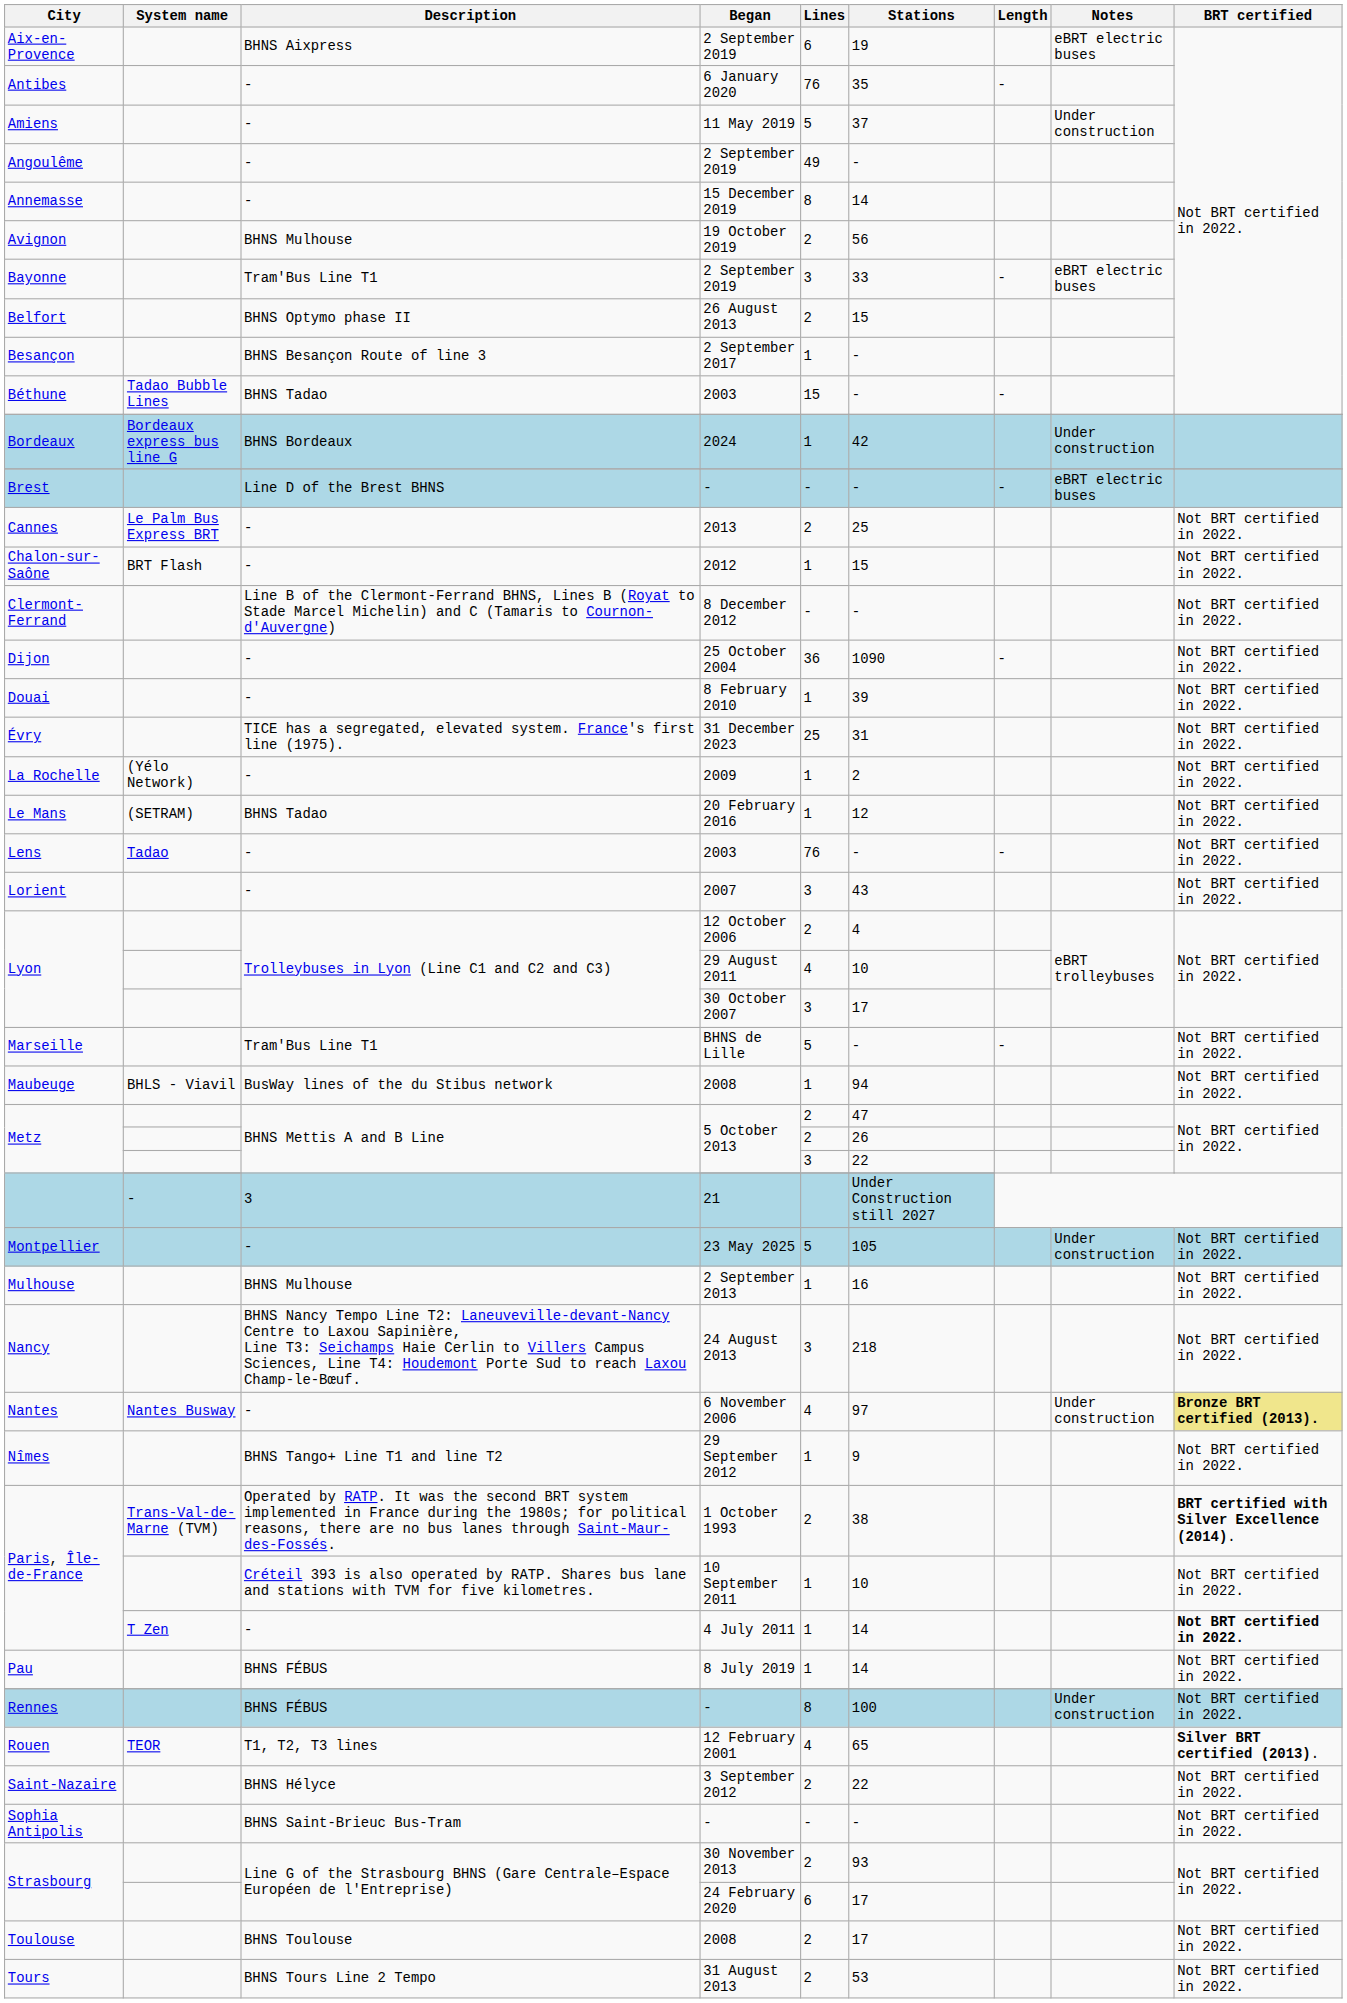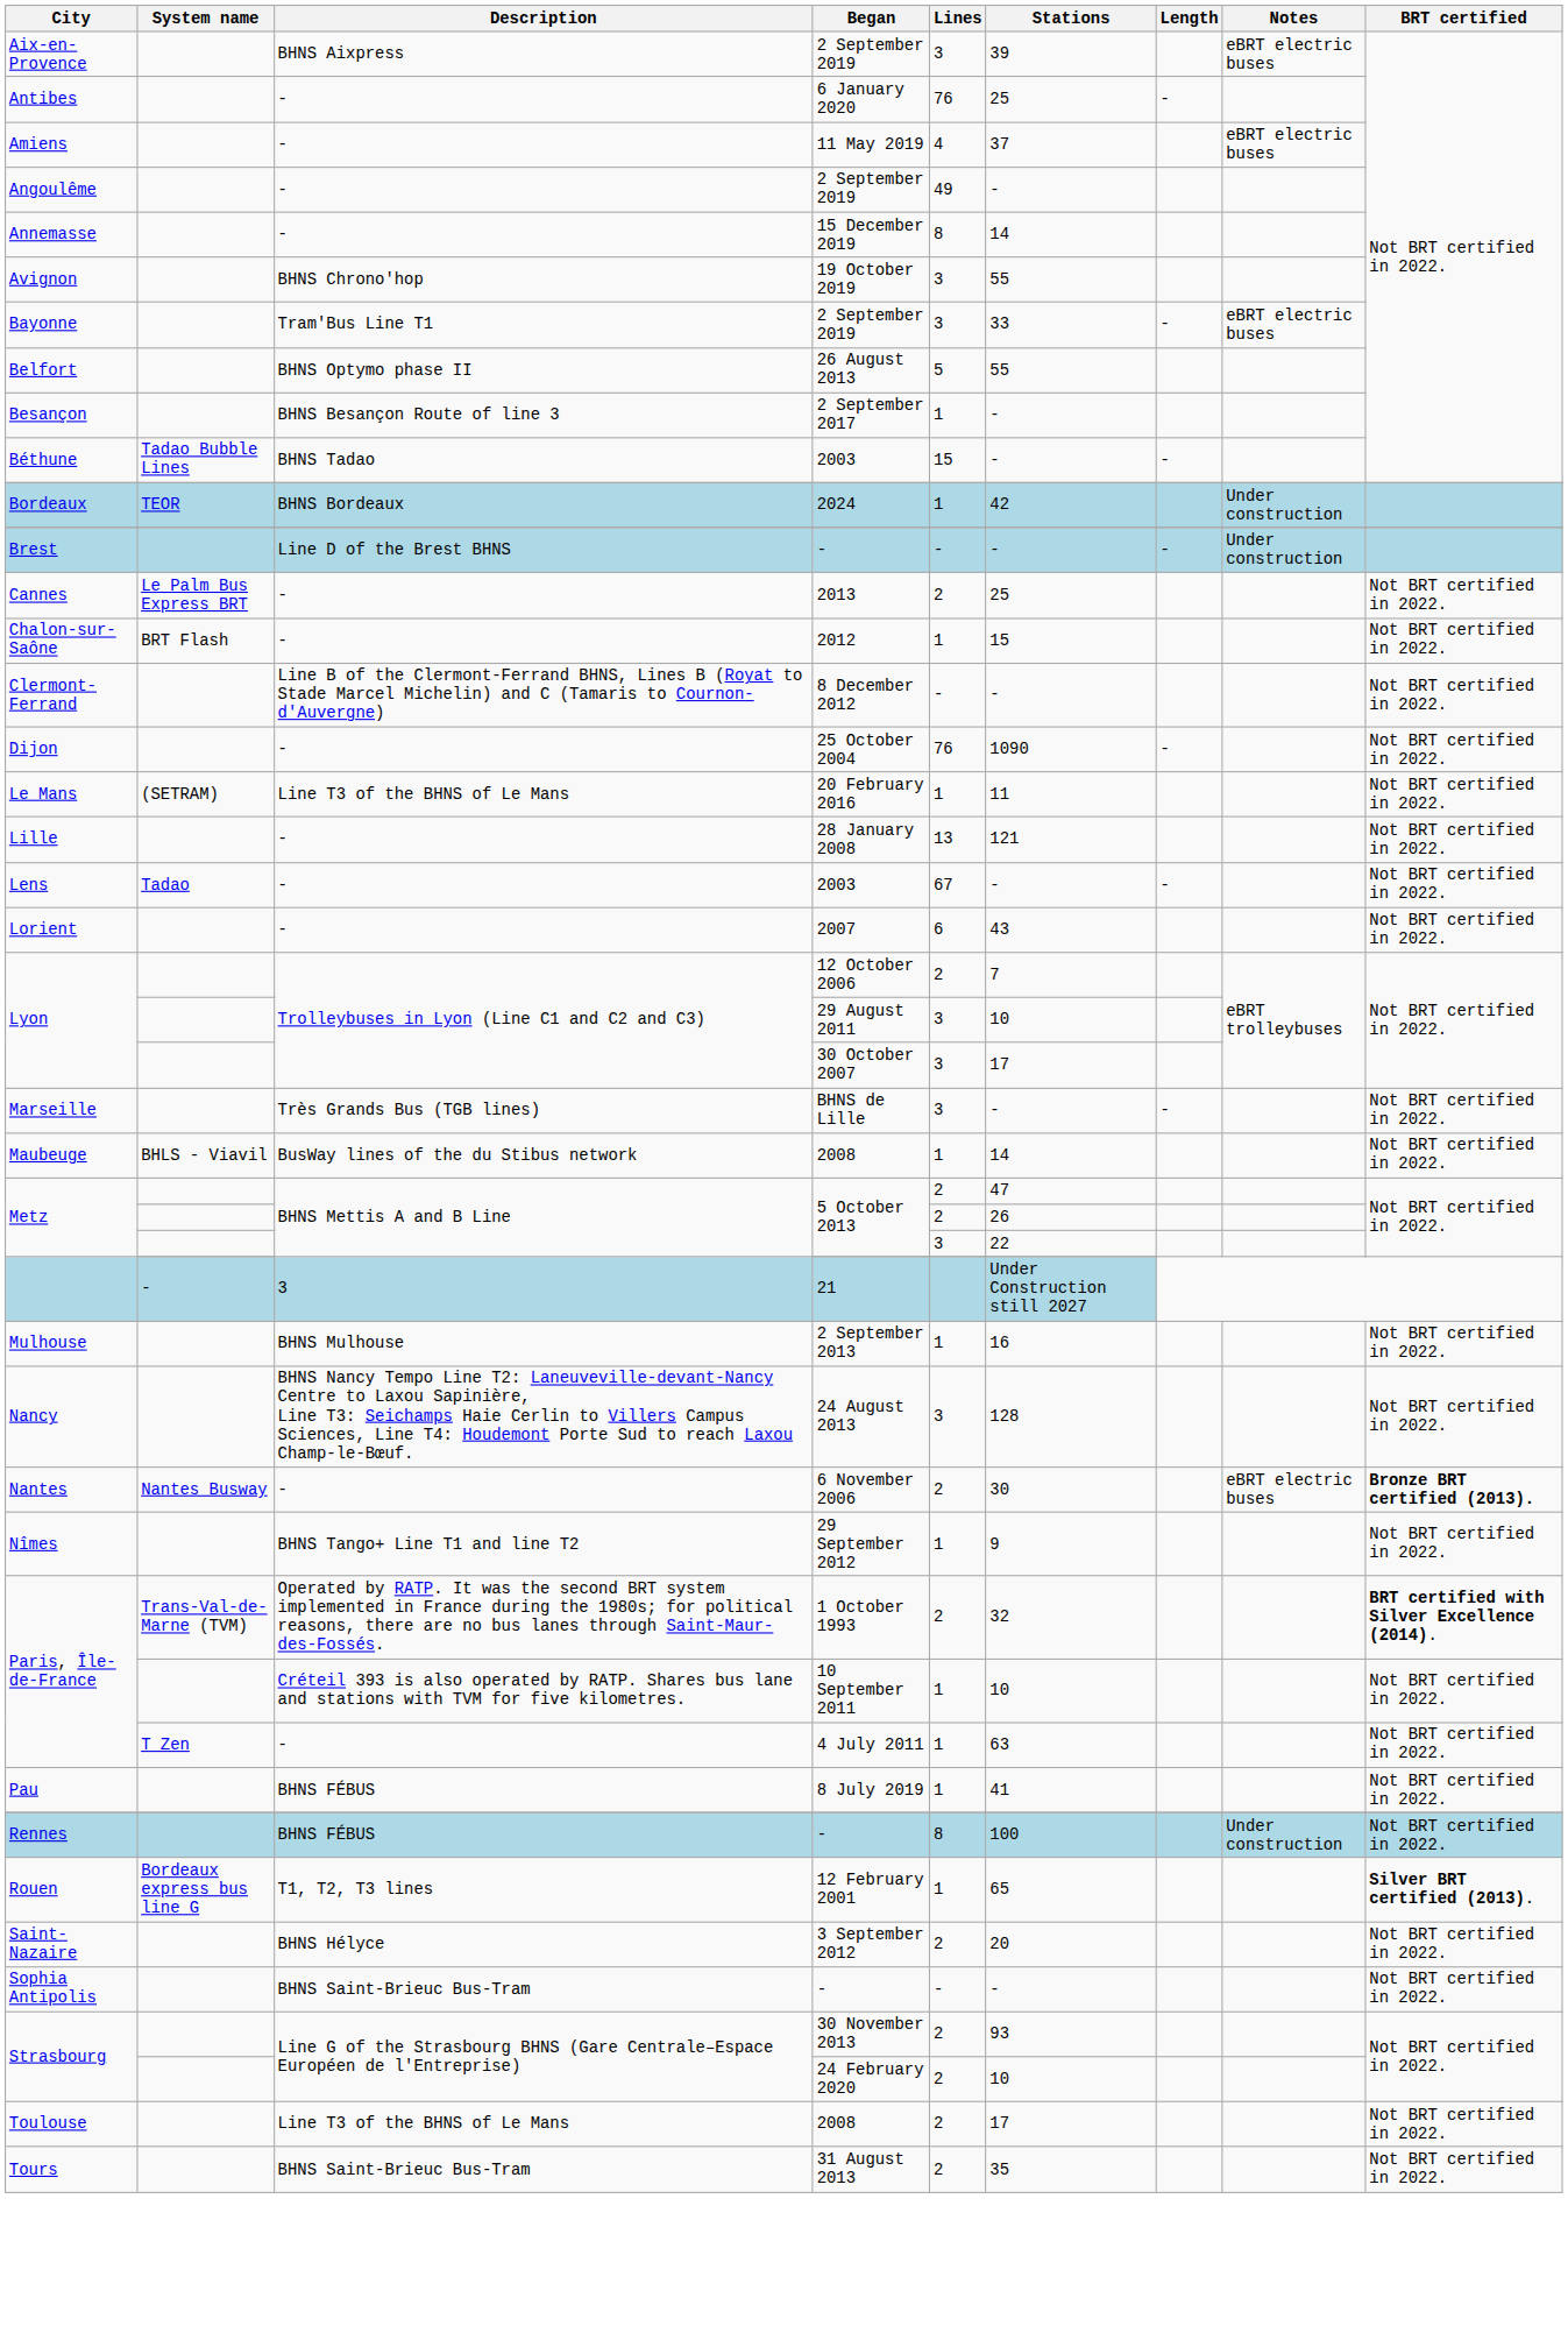 <table class="wikitable">
 <tr>
 <th>City</th>
 <th>System name</th>
 <th>Description</th>
 <th>Began</th>
 <th>Lines</th>
 <th>Stations</th>
 <th>Length</th>
 <th>Notes</th>
 <th>BRT certified</th>
 </tr>
 <tr>
 <td><a href='#'>Aix-en-Provence</a></td>
 <td></td>
 <td>BHNS Aixpress</td>
 <td>2 September 2019</td>
-<td>6</td>
-<td>19</td>
+<td>3</td>
+<td>39</td>
 <td></td>
 <td>eBRT electric buses</td>
 <td rowspan="10">Not BRT certified in 2022.</td>
 </tr>
 <tr>
 <td><a href='#'>Antibes</a></td>
 <td></td>
 <td>-</td>
 <td>6 January 2020</td>
 <td>76</td>
-<td>35</td>
+<td>25</td>
 <td>-</td>
 <td></td>
 </tr>
 <tr>
 <td><a href='#'>Amiens</a></td>
 <td></td>
 <td>-</td>
 <td>11 May 2019</td>
-<td>5</td>
+<td>4</td>
 <td>37</td>
 <td></td>
-<td>Under construction</td>
+<td>eBRT electric buses</td>
 </tr>
 <tr>
 <td><a href='#'>Angoulême</a></td>
 <td></td>
 <td>-</td>
 <td>2 September 2019</td>
 <td>49</td>
 <td>-</td>
 <td></td>
 <td></td>
 </tr>
 <tr>
 <td><a href='#'>Annemasse</a></td>
 <td></td>
 <td>-</td>
 <td>15 December 2019</td>
 <td>8</td>
 <td>14</td>
 <td></td>
 <td></td>
 </tr>
 <tr>
 <td><a href='#'>Avignon</a></td>
 <td></td>
-<td>BHNS Mulhouse</td>
+<td>BHNS Chrono'hop</td>
 <td>19 October 2019</td>
-<td>2</td>
-<td>56</td>
+<td>3</td>
+<td>55</td>
 <td></td>
 <td></td>
 </tr>
 <tr>
 <td><a href='#'>Bayonne</a></td>
 <td></td>
 <td>Tram'Bus Line T1</td>
 <td>2 September 2019</td>
 <td>3</td>
 <td>33</td>
 <td>-</td>
 <td>eBRT electric buses</td>
 </tr>
 <tr>
 <td><a href='#'>Belfort</a></td>
 <td></td>
 <td>BHNS Optymo phase II</td>
 <td>26 August 2013</td>
-<td>2</td>
-<td>15</td>
+<td>5</td>
+<td>55</td>
 <td></td>
 <td></td>
 </tr>
 <tr>
 <td><a href='#'>Besançon</a></td>
 <td></td>
 <td>BHNS Besançon Route of line 3</td>
 <td>2 September 2017</td>
 <td>1</td>
 <td>-</td>
 <td></td>
 <td></td>
 </tr>
 <tr>
 <td><a href='#'>Béthune</a></td>
 <td><a href='#'>Tadao Bubble Lines</a></td>
 <td>BHNS Tadao</td>
 <td>2003</td>
 <td>15</td>
 <td>-</td>
 <td>-</td>
 <td></td>
 </tr>
 <tr>
 </tr>
 <tr style="background:lightblue;">
 <td><a href='#'>Bordeaux</a></td>
-<td><a href='#'>Bordeaux express bus line G</a></td>
+<td><a href='#'>TEOR</a></td>
 <td>BHNS Bordeaux</td>
 <td>2024</td>
 <td>1</td>
 <td>42</td>
 <td></td>
 <td>Under construction</td>
 <td></td>
 </tr>
 <tr>
 </tr>
 <tr style="background:lightblue;">
 <td><a href='#'>Brest</a></td>
 <td></td>
 <td>Line D of the Brest BHNS</td>
 <td>-</td>
 <td>-</td>
 <td>-</td>
 <td>-</td>
-<td>eBRT electric buses</td>
+<td>Under construction</td>
 <td></td>
 </tr>
 <tr>
 <td><a href='#'>Cannes</a></td>
 <td><a href='#'>Le Palm Bus Express BRT</a></td>
 <td>-</td>
 <td>2013</td>
 <td>2</td>
 <td>25</td>
 <td></td>
 <td></td>
 <td>Not BRT certified in 2022.</td>
 </tr>
 <tr>
 <td><a href='#'>Chalon-sur-Saône</a></td>
 <td>BRT Flash</td>
 <td>-</td>
 <td>2012</td>
 <td>1</td>
 <td>15</td>
 <td></td>
 <td></td>
 <td>Not BRT certified in 2022.</td>
 </tr>
 <tr>
 <td><a href='#'>Clermont-Ferrand</a></td>
 <td></td>
 <td>Line B of the Clermont-Ferrand BHNS,  Lines B (<a href='#'>Royat</a> to Stade Marcel Michelin) and C (Tamaris to <a href='#'>Cournon-d'Auvergne</a>)</td>
 <td>8 December 2012</td>
 <td>-</td>
 <td>-</td>
 <td></td>
 <td></td>
 <td>Not BRT certified in 2022.</td>
 </tr>
 <tr>
 <td><a href='#'>Dijon</a></td>
 <td></td>
 <td>-</td>
 <td>25 October 2004</td>
-<td>36</td>
+<td>76</td>
 <td>1090</td>
 <td>-</td>
 <td></td>
 <td>Not BRT certified in 2022.</td>
 </tr>
 <tr>
-<td><a href='#'>Douai</a></td>
-<td></td>
-<td>-</td>
-<td>8 February 2010</td>
+<td><a href='#'>Le Mans</a></td>
+<td>(SETRAM)</td>
+<td>Line T3 of the BHNS of Le Mans</td>
+<td>20 February 2016</td>
 <td>1</td>
-<td>39</td>
+<td>11</td>
 <td></td>
 <td></td>
 <td>Not BRT certified in 2022.</td>
 </tr>
 <tr>
-<td><a href='#'>Évry</a></td>
+<td><a href='#'>Lille</a></td>
 <td></td>
-<td>TICE has a segregated, elevated system. <a href='#'>France</a>'s first line (1975).</td>
-<td>31 December 2023</td>
-<td>25</td>
-<td>31</td>
-<td></td>
-<td></td>
-<td>Not BRT certified in 2022.</td>
-</tr>
-<tr>
-<td><a href='#'>La Rochelle</a></td>
-<td> (Yélo Network)</td>
 <td>-</td>
-<td>2009</td>
-<td>1</td>
-<td>2</td>
-<td></td>
-<td></td>
-<td>Not BRT certified in 2022.</td>
-</tr>
-<tr>
-<td><a href='#'>Le Mans</a></td>
-<td>(SETRAM)</td>
-<td>BHNS Tadao</td>
-<td>20 February 2016</td>
-<td>1</td>
-<td>12</td>
+<td>28 January 2008</td>
+<td>13</td>
+<td>121</td>
 <td></td>
 <td></td>
 <td>Not BRT certified in 2022.</td>
 </tr>
 <tr>
 <td><a href='#'>Lens</a></td>
 <td><a href='#'>Tadao</a></td>
 <td>-</td>
 <td>2003</td>
-<td>76</td>
+<td>67</td>
 <td>-</td>
 <td>-</td>
 <td></td>
 <td>Not BRT certified in 2022.</td>
 </tr>
 <tr>
 <td><a href='#'>Lorient</a></td>
 <td></td>
 <td>-</td>
 <td>2007</td>
-<td>3</td>
+<td>6</td>
 <td>43</td>
 <td></td>
 <td></td>
 <td>Not BRT certified in 2022.</td>
 </tr>
 <tr>
 <td rowspan="3"><a href='#'>Lyon</a></td>
 <td></td>
 <td rowspan="3"><a href='#'>Trolleybuses in Lyon</a> (Line C1 and C2 and C3)</td>
 <td>12 October 2006</td>
 <td>2</td>
-<td>4</td>
+<td>7</td>
 <td></td>
 <td rowspan="3">eBRT trolleybuses</td>
 <td rowspan="3">Not BRT certified in 2022.</td>
 </tr>
 <tr>
 <td></td>
 <td>29 August 2011</td>
-<td>4</td>
+<td>3</td>
 <td>10</td>
 <td></td>
 </tr>
 <tr>
 <td></td>
 <td>30 October 2007</td>
 <td>3</td>
 <td>17</td>
 <td></td>
 </tr>
 <tr>
 <td><a href='#'>Marseille</a></td>
 <td></td>
-<td>Tram'Bus Line T1</td>
+<td>Très Grands Bus (TGB lines)</td>
 <td>BHNS de Lille</td>
-<td>5</td>
+<td>3</td>
 <td>-</td>
 <td>-</td>
 <td></td>
 <td>Not BRT certified in 2022.</td>
 </tr>
 <tr>
 <td><a href='#'>Maubeuge</a></td>
 <td>BHLS - Viavil</td>
 <td>BusWay lines of the du Stibus network</td>
 <td>2008</td>
 <td>1</td>
-<td>94</td>
+<td>14</td>
 <td></td>
 <td></td>
 <td>Not BRT certified in 2022.</td>
 </tr>
 <tr>
 <td rowspan="4"><a href='#'>Metz</a></td>
 <td></td>
 <td rowspan="4">BHNS Mettis A and B Line</td>
 <td rowspan="3">5 October 2013</td>
 <td>2</td>
 <td>47</td>
 <td></td>
 <td></td>
 <td rowspan="4">Not BRT certified in 2022.</td>
 </tr>
 <tr>
 <td></td>
 <td>2</td>
 <td>26</td>
 <td></td>
 <td></td>
 </tr>
 <tr>
 <td></td>
 <td>3</td>
 <td>22</td>
 <td></td>
 <td></td>
 </tr>
 <tr>
 </tr>
 <tr style="background:lightblue;">
 <td></td>
 <td>-</td>
 <td>3</td>
 <td>21</td>
 <td></td>
 <td>Under Construction still 2027</td>
 </tr>
 <tr>
 </tr>
-<tr style="background:lightblue;">
-<td><a href='#'>Montpellier</a></td>
-<td></td>
-<td>-</td>
-<td>23 May 2025</td>
-<td>5</td>
-<td>105</td>
-<td></td>
-<td>Under construction</td>
-<td>Not BRT certified in 2022.</td>
-</tr>
 <tr>
 <td><a href='#'>Mulhouse</a></td>
 <td></td>
 <td>BHNS Mulhouse</td>
 <td>2 September 2013</td>
 <td>1</td>
 <td>16</td>
 <td></td>
 <td></td>
 <td>Not BRT certified in 2022.</td>
 </tr>
 <tr>
 <td><a href='#'>Nancy</a></td>
 <td></td>
 <td>BHNS Nancy Tempo Line T2: <a href='#'>Laneuveville-devant-Nancy</a> Centre to Laxou Sapinière,<br>Line T3: <a href='#'>Seichamps</a> Haie Cerlin to <a href='#'>Villers</a> Campus Sciences, Line T4: <a href='#'>Houdemont</a> Porte Sud to reach <a href='#'>Laxou</a> Champ-le-Bœuf.</td>
 <td>24 August 2013</td>
 <td>3</td>
-<td>218</td>
+<td>128</td>
 <td></td>
 <td></td>
 <td>Not BRT certified in 2022.</td>
 </tr>
 <tr>
 <td><a href='#'>Nantes</a></td>
 <td><a href='#'>Nantes Busway</a></td>
 <td>-</td>
 <td>6 November 2006</td>
-<td>4</td>
-<td>97</td>
+<td>2</td>
+<td>30</td>
 <td></td>
-<td>Under construction</td>
-<td style="background: khaki;"><strong>Bronze BRT certified (2013).</strong></td>
+<td>eBRT electric buses</td>
+<td><strong>Bronze BRT certified (2013).</strong></td>
 </tr>
 <tr>
 <td><a href='#'>Nîmes</a></td>
 <td></td>
 <td>BHNS Tango+ Line T1 and line T2</td>
 <td>29 September 2012</td>
 <td>1</td>
 <td>9</td>
 <td></td>
 <td></td>
 <td>Not BRT certified in 2022.</td>
 </tr>
 <tr>
 <td rowspan="3"><a href='#'>Paris</a>, <a href='#'>Île-de-France</a></td>
 <td><a href='#'>Trans-Val-de-Marne</a> (TVM)</td>
 <td>Operated by <a href='#'>RATP</a>. It was the second BRT system implemented in France during the 1980s; for political reasons, there are no bus lanes through <a href='#'>Saint-Maur-des-Fossés</a>.</td>
 <td>1 October 1993</td>
 <td>2</td>
-<td>38</td>
+<td>32</td>
 <td></td>
 <td></td>
 <td><strong>BRT certified with Silver Excellence (2014)</strong>.</td>
 </tr>
 <tr>
 <td></td>
 <td><a href='#'>Créteil</a> 393 is also operated by RATP. Shares bus lane and stations with TVM for five kilometres.</td>
 <td>10 September 2011</td>
 <td>1</td>
 <td>10</td>
 <td></td>
 <td></td>
 <td>Not BRT certified in 2022.</td>
 </tr>
 <tr>
 <td><a href='#'>T Zen</a></td>
 <td>-</td>
 <td>4 July 2011</td>
 <td>1</td>
-<td>14</td>
+<td>63</td>
 <td></td>
 <td></td>
-<td><strong>Not BRT certified in 2022.</strong></td>
+<td>Not BRT certified in 2022.</td>
 </tr>
 <tr>
 <td><a href='#'>Pau</a></td>
 <td></td>
 <td>BHNS FÉBUS</td>
 <td>8 July 2019</td>
 <td>1</td>
-<td>14</td>
+<td>41</td>
 <td></td>
 <td></td>
 <td>Not BRT certified in 2022.</td>
 </tr>
 <tr>
 </tr>
 <tr style="background:lightblue;">
 <td><a href='#'>Rennes</a></td>
 <td></td>
 <td>BHNS FÉBUS</td>
 <td>-</td>
 <td>8</td>
 <td>100</td>
 <td></td>
 <td>Under construction</td>
 <td>Not BRT certified in 2022.</td>
 </tr>
 <tr>
 <td><a href='#'>Rouen</a></td>
-<td><a href='#'>TEOR</a></td>
+<td><a href='#'>Bordeaux express bus line G</a></td>
 <td>T1, T2, T3 lines</td>
 <td>12 February 2001</td>
-<td>4</td>
+<td>1</td>
 <td>65</td>
 <td></td>
 <td></td>
 <td><strong>Silver BRT certified (2013)</strong>.</td>
 </tr>
 <tr>
 <td><a href='#'>Saint-Nazaire</a></td>
 <td></td>
 <td>BHNS Hélyce</td>
 <td>3 September 2012</td>
 <td>2</td>
-<td>22</td>
+<td>20</td>
 <td></td>
 <td></td>
 <td>Not BRT certified in 2022.</td>
 </tr>
 <tr>
 <td><a href='#'>Sophia Antipolis</a></td>
 <td></td>
 <td>BHNS Saint-Brieuc Bus-Tram</td>
 <td>-</td>
 <td>-</td>
 <td>-</td>
 <td></td>
 <td></td>
 <td>Not BRT certified in 2022.</td>
 </tr>
 <tr>
 <td rowspan="2"><a href='#'>Strasbourg</a></td>
 <td></td>
 <td rowspan="2">Line G of the Strasbourg BHNS (Gare Centrale–Espace Européen de l'Entreprise)</td>
 <td>30 November 2013</td>
 <td>2</td>
 <td>93</td>
 <td></td>
 <td></td>
 <td rowspan="2">Not BRT certified in 2022.</td>
 </tr>
 <tr>
 <td></td>
 <td>24 February 2020</td>
-<td>6</td>
-<td>17</td>
+<td>2</td>
+<td>10</td>
 <td></td>
 <td></td>
 </tr>
 <tr>
 <td><a href='#'>Toulouse</a></td>
 <td></td>
-<td>BHNS Toulouse</td>
+<td>Line T3 of the BHNS of Le Mans</td>
 <td>2008</td>
 <td>2</td>
 <td>17</td>
 <td></td>
 <td></td>
 <td>Not BRT certified in 2022.</td>
 </tr>
 <tr>
 <td><a href='#'>Tours</a></td>
 <td></td>
-<td>BHNS Tours Line 2 Tempo</td>
+<td>BHNS Saint-Brieuc Bus-Tram</td>
 <td>31 August 2013</td>
 <td>2</td>
-<td>53</td>
+<td>35</td>
 <td></td>
 <td></td>
 <td>Not BRT certified in 2022.</td>
 </tr>
 </table>
